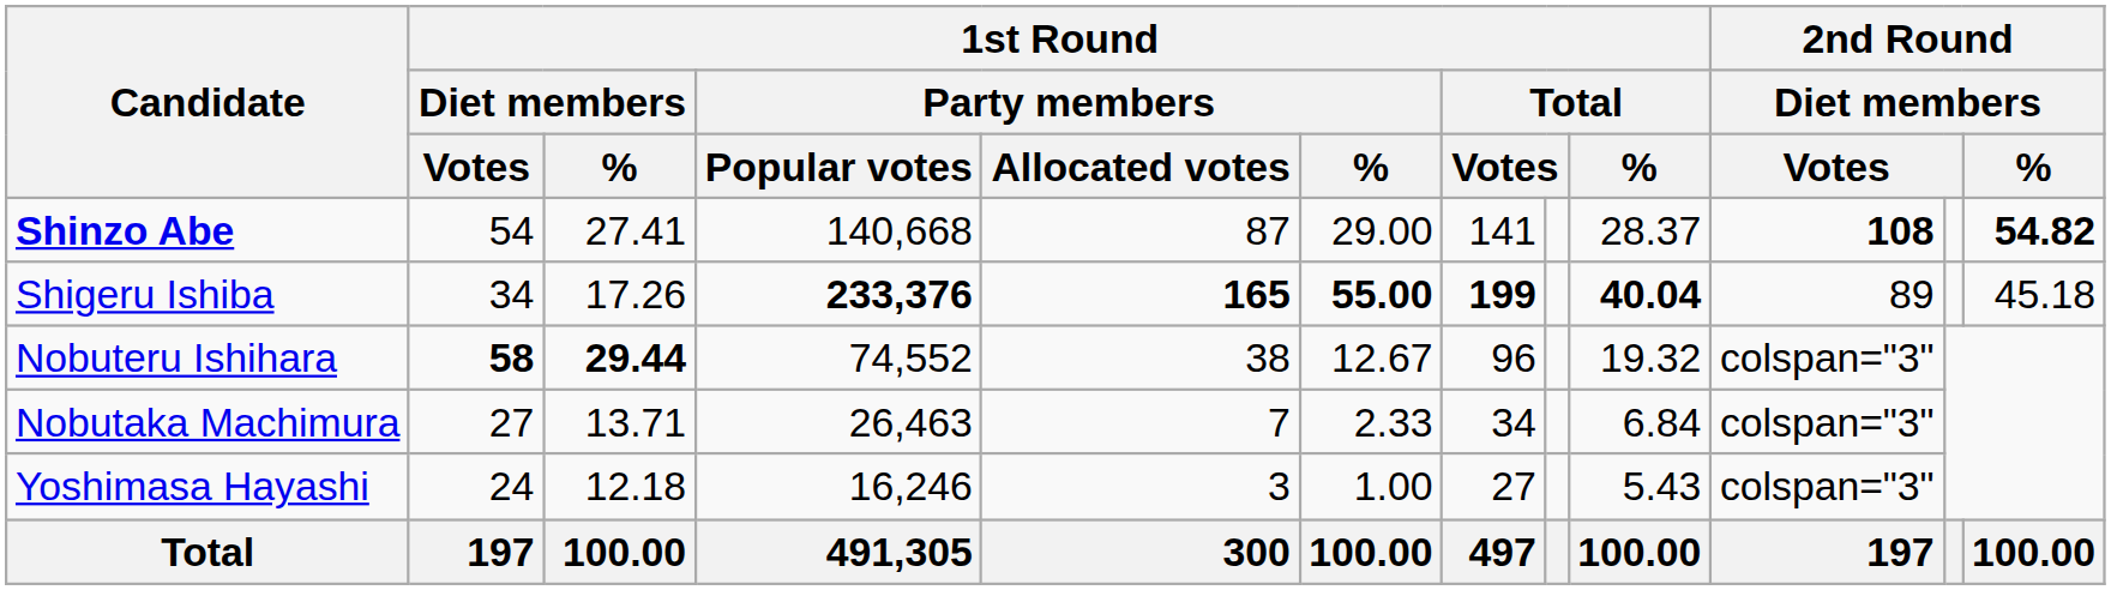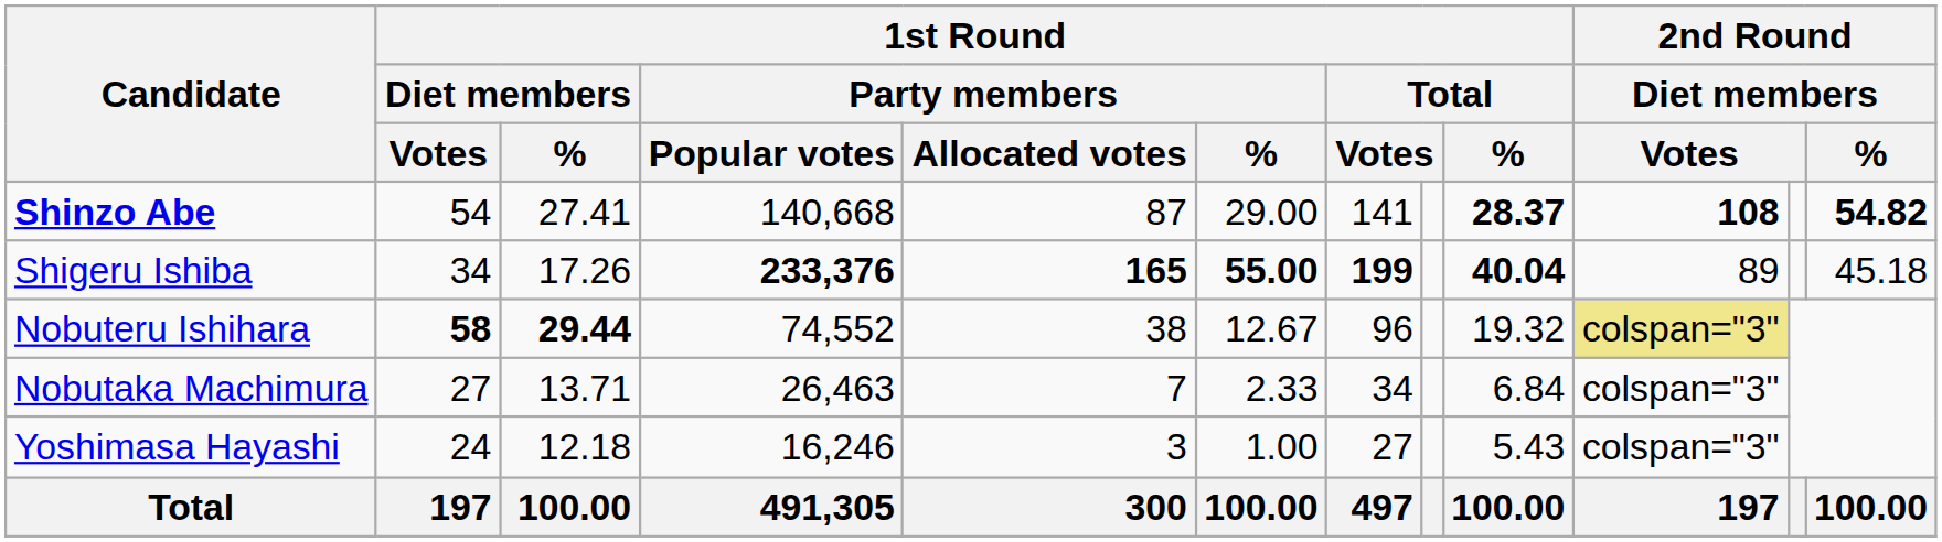 <table class="wikitable" style="font-size:95%;">
 <tr>
 <th rowspan="3">Candidate</th>
 <th colspan="8">1st Round</th>
 <th colspan="3">2nd Round</th>
 </tr>
 <tr>
 <th colspan="2">Diet members</th>
 <th colspan="3">Party members</th>
 <th colspan="3">Total</th>
 <th colspan="3">Diet members</th>
 </tr>
 <tr>
 <th>Votes</th>
 <th>%</th>
 <th>Popular votes</th>
 <th>Allocated votes</th>
 <th>%</th>
 <th colspan=2>Votes</th>
 <th>%</th>
 <th colspan=2>Votes</th>
 <th>%</th>
 </tr>
 <tr>
 <td><strong><a href='#'>Shinzo Abe</a></strong> </td>
 <td style="text-align:right">54</td>
 <td style="text-align:right">27.41</td>
 <td style="text-align:right">140,668</td>
 <td style="text-align:right">87</td>
 <td style="text-align:right">29.00</td>
 <td style="text-align:right">141</td>
 <td align=center></td>
-<td style="text-align:right">28.37</td>
+<td style="text-align:right"><strong>28.37</strong></td>
 <td style="text-align:right"><strong>108</strong></td>
 <td align=center></td>
 <td style="text-align:right"><strong>54.82</strong></td>
 </tr>
 <tr>
 <td><a href='#'>Shigeru Ishiba</a></td>
 <td style="text-align:right">34</td>
 <td style="text-align:right">17.26</td>
 <td style="text-align:right"><strong>233,376</strong></td>
 <td style="text-align:right"><strong>165</strong></td>
 <td style="text-align:right"><strong>55.00</strong></td>
 <td style="text-align:right"><strong>199</strong></td>
 <td align=center></td>
 <td style="text-align:right"><strong>40.04</strong></td>
 <td style="text-align:right">89</td>
 <td align=center></td>
 <td style="text-align:right">45.18</td>
 </tr>
 <tr>
 <td><a href='#'>Nobuteru Ishihara</a></td>
 <td style="text-align:right"><strong>58</strong></td>
 <td style="text-align:right"><strong>29.44</strong></td>
 <td style="text-align:right">74,552</td>
 <td style="text-align:right">38</td>
 <td style="text-align:right">12.67</td>
 <td style="text-align:right">96</td>
 <td align=center></td>
 <td style="text-align:right">19.32</td>
-<td>colspan="3" </td>
+<td style="background: khaki;">colspan="3" </td>
 </tr>
 <tr>
 <td><a href='#'>Nobutaka Machimura</a></td>
 <td style="text-align:right">27</td>
 <td style="text-align:right">13.71</td>
 <td style="text-align:right">26,463</td>
 <td style="text-align:right">7</td>
 <td style="text-align:right">2.33</td>
 <td style="text-align:right">34</td>
 <td align=center></td>
 <td style="text-align:right">6.84</td>
 <td>colspan="3" </td>
 </tr>
 <tr>
 <td><a href='#'>Yoshimasa Hayashi</a></td>
 <td style="text-align:right">24</td>
 <td style="text-align:right">12.18</td>
 <td style="text-align:right">16,246</td>
 <td style="text-align:right">3</td>
 <td style="text-align:right">1.00</td>
 <td style="text-align:right">27</td>
 <td align=center></td>
 <td style="text-align:right">5.43</td>
 <td>colspan="3" </td>
 </tr>
 <tr>
 <th>Total</th>
 <th style="text-align:right">197</th>
 <th style="text-align:right">100.00</th>
 <th style="text-align:right">491,305</th>
 <th style="text-align:right">300</th>
 <th style="text-align:right">100.00</th>
 <th style="text-align:right">497</th>
 <th></th>
 <th style="text-align:right">100.00</th>
 <th style="text-align:right">197</th>
 <th></th>
 <th style="text-align:right">100.00</th>
 </tr>
 </table>
